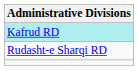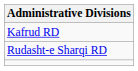 <table class="wikitable">
 <tr>
 <th>Administrative Divisions</th>
 </tr>
 <tr>
-<td style="background: paleturquoise;"><a href='#'>Kafrud RD</a></td>
+<td><a href='#'>Kafrud RD</a></td>
 </tr>
 <tr>
 <td><a href='#'>Rudasht-e Sharqi RD</a></td>
 </tr>
 <tr>
 <td colspan=1></td>
 </tr>
 </table>
